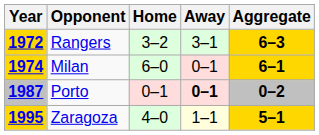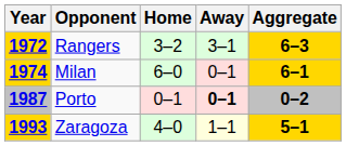 <table class="wikitable">
 <tr>
 <th>Year</th>
 <th>Opponent</th>
 <th>Home</th>
 <th>Away</th>
 <th>Aggregate</th>
 </tr>
 <tr>
 <td bgcolor="#FFD700"><strong><a href='#'>1972</a></strong></td>
 <td> <a href='#'>Rangers</a></td>
 <td bgcolor="#ddffdd" style="text-align:center;">3–2</td>
 <td bgcolor="#ddffdd" style="text-align:center;">3–1</td>
 <td bgcolor="#FFD700" style="text-align:center;"><strong>6–3</strong></td>
 </tr>
 <tr>
 <td bgcolor="#FFD700"><strong><a href='#'>1974</a></strong></td>
 <td> <a href='#'>Milan</a></td>
 <td bgcolor="#ddffdd" style="text-align:center;">6–0</td>
 <td bgcolor="#ffdddd" style="text-align:center;">0–1</td>
 <td bgcolor="#FFD700" style="text-align:center;"><strong>6–1</strong></td>
 </tr>
 <tr>
 <td bgcolor="silver"><strong><a href='#'>1987</a></strong></td>
 <td> <a href='#'>Porto</a></td>
 <td bgcolor="#ffdddd" style="text-align:center;">0–1</td>
 <td bgcolor="#ffdddd" style="text-align:center;"><strong>0–1</strong></td>
 <td bgcolor="silver" style="text-align:center;"><strong>0–2</strong></td>
 </tr>
 <tr>
-<td bgcolor="#FFD700"><strong><a href='#'>1995</a></strong></td>
+<td bgcolor="#FFD700"><strong><a href='#'>1993</a></strong></td>
 <td> <a href='#'>Zaragoza</a></td>
 <td bgcolor="#ddffdd" style="text-align:center;">4–0</td>
 <td bgcolor="#ffffdd" style="text-align:center;">1–1</td>
 <td bgcolor="#FFD700" style="text-align:center;"><strong>5–1</strong></td>
 </tr>
 </table>
